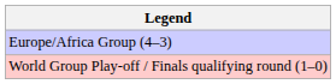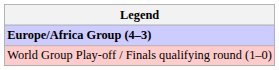 <table class=wikitable style=font-size:90%>
 <tr>
 <th>Legend</th>
 </tr>
 <tr>
-<td bgcolor=CCCCFF>Europe/Africa Group (4–3)</td>
+<td bgcolor=CCCCFF><strong>Europe/Africa Group (4–3)</strong></td>
 </tr>
 <tr bgcolor=ffcccc>
 <td>World Group Play-off / Finals qualifying round (1–0)</td>
 </tr>
 </table>
